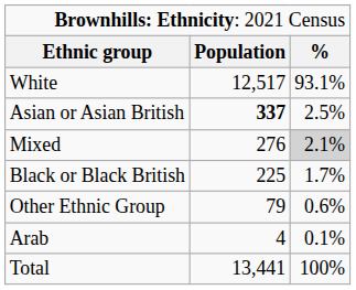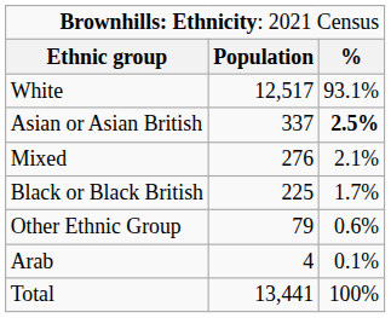 <table class="wikitable">
 <tr>
 <td colspan="14" style="text-align:right;"><strong>Brownhills: Ethnicity</strong>: 2021 Census</td>
 </tr>
 <tr>
 <th>Ethnic group</th>
 <th>Population</th>
 <th>%</th>
 </tr>
 <tr>
 <td>White</td>
 <td style="text-align:right;">12,517</td>
 <td style="text-align:right;">93.1%</td>
 </tr>
 <tr>
 <td>Asian or Asian British</td>
-<td style="text-align:right;"><strong>337</strong></td>
-<td style="text-align:right;">2.5%</td>
+<td style="text-align:right;">337</td>
+<td style="text-align:right;"><strong>2.5%</strong></td>
 </tr>
 <tr>
 <td>Mixed</td>
 <td style="text-align:right;">276</td>
-<td style="background: lightgrey; text-align:right;">2.1%</td>
+<td style="text-align:right;">2.1%</td>
 </tr>
 <tr>
 <td>Black or Black British</td>
 <td style="text-align:right;">225</td>
 <td style="text-align:right;">1.7%</td>
 </tr>
 <tr>
 <td>Other Ethnic Group</td>
 <td style="text-align:right;">79</td>
 <td style="text-align:right;">0.6%</td>
 </tr>
 <tr>
 <td>Arab</td>
 <td style="text-align:right;">4</td>
 <td style="text-align:right;">0.1%</td>
 </tr>
 <tr>
 <td>Total</td>
 <td style="text-align:right;">13,441</td>
 <td style="text-align:right;">100%</td>
 </tr>
 </table>
